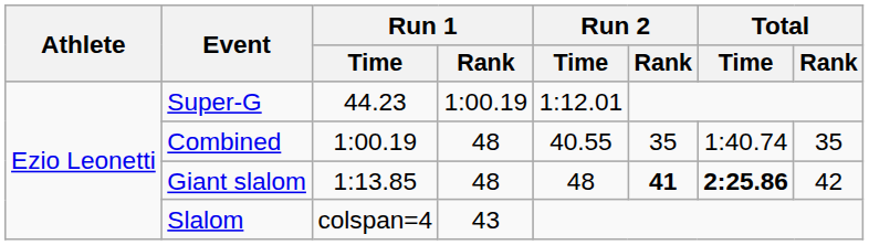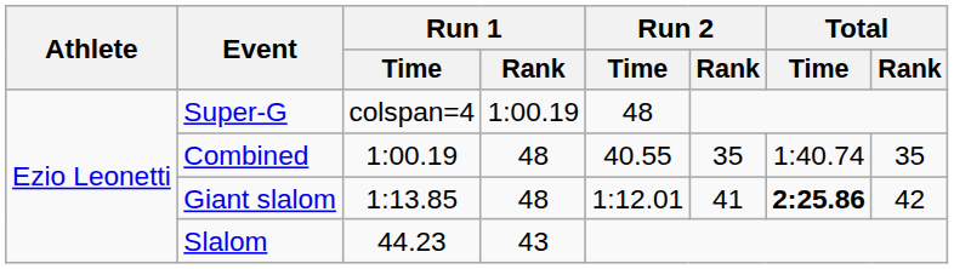 <table class="wikitable" style="font-size:90%">
 <tr>
 <th rowspan=2>Athlete</th>
 <th rowspan=2>Event</th>
 <th colspan=2>Run 1</th>
 <th colspan=2>Run 2</th>
 <th colspan=2>Total</th>
 </tr>
 <tr style="font-size:95%">
 <th>Time</th>
 <th>Rank</th>
 <th>Time</th>
 <th>Rank</th>
 <th>Time</th>
 <th>Rank</th>
 </tr>
 <tr align=center>
 <td align="left" rowspan="4"><a href='#'>Ezio Leonetti</a></td>
 <td align="left"><a href='#'>Super-G</a></td>
-<td>44.23</td>
+<td>colspan=4</td>
 <td>1:00.19</td>
-<td>1:12.01</td>
+<td>48</td>
 </tr>
 <tr align=center>
 <td align="left"><a href='#'>Combined</a></td>
 <td>1:00.19</td>
 <td>48</td>
 <td>40.55</td>
 <td>35</td>
 <td>1:40.74</td>
 <td>35</td>
 </tr>
 <tr align=center>
 <td align="left"><a href='#'>Giant slalom</a></td>
 <td>1:13.85</td>
 <td>48</td>
-<td>48</td>
-<td><strong>41</strong></td>
+<td>1:12.01</td>
+<td>41</td>
 <td><strong>2:25.86</strong></td>
 <td>42</td>
 </tr>
 <tr align=center>
 <td align="left"><a href='#'>Slalom</a></td>
-<td>colspan=4</td>
+<td>44.23</td>
 <td>43</td>
 <td colspan=4></td>
 </tr>
 </table>
